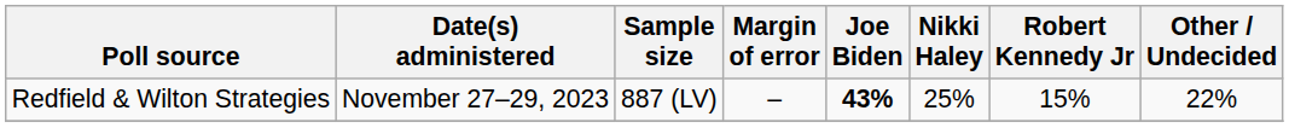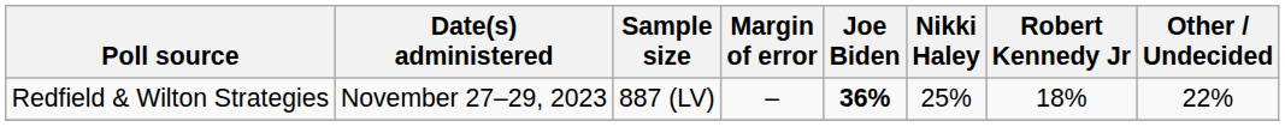 <table class="wikitable sortable mw-datatable" style="font-size:90%;text-align:center;line-height:17px">
 <tr valign=bottom>
 <th>Poll source</th>
 <th>Date(s)<br>administered</th>
 <th>Sample<br>size</th>
 <th>Margin<br>of error</th>
 <th class="unsortable">Joe<br>Biden<br></th>
 <th class="unsortable">Nikki<br>Haley<br></th>
 <th class="unsortable">Robert<br>Kennedy Jr<br></th>
 <th class="unsortable">Other /<br>Undecided</th>
 </tr>
 <tr>
 <td style="text-align:left;">Redfield & Wilton Strategies</td>
 <td data-sort-value="2023-12-05">November 27–29, 2023</td>
 <td>887 (LV)</td>
 <td>–</td>
-<td style="color:black;background-color:"><strong>43%</strong></td>
+<td style="color:black;background-color:"><strong>36%</strong></td>
 <td>25%</td>
-<td>15%</td>
+<td>18%</td>
 <td>22%</td>
 </tr>
 <tr>
 </tr>
 </table>
